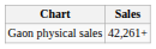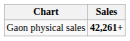 <table class="wikitable">
 <tr>
 <th>Chart</th>
 <th>Sales</th>
 </tr>
 <tr>
 <td>Gaon physical sales</td>
-<td align="center">42,261+</td>
+<td align="center"><strong>42,261+</strong></td>
 </tr>
 </table>
